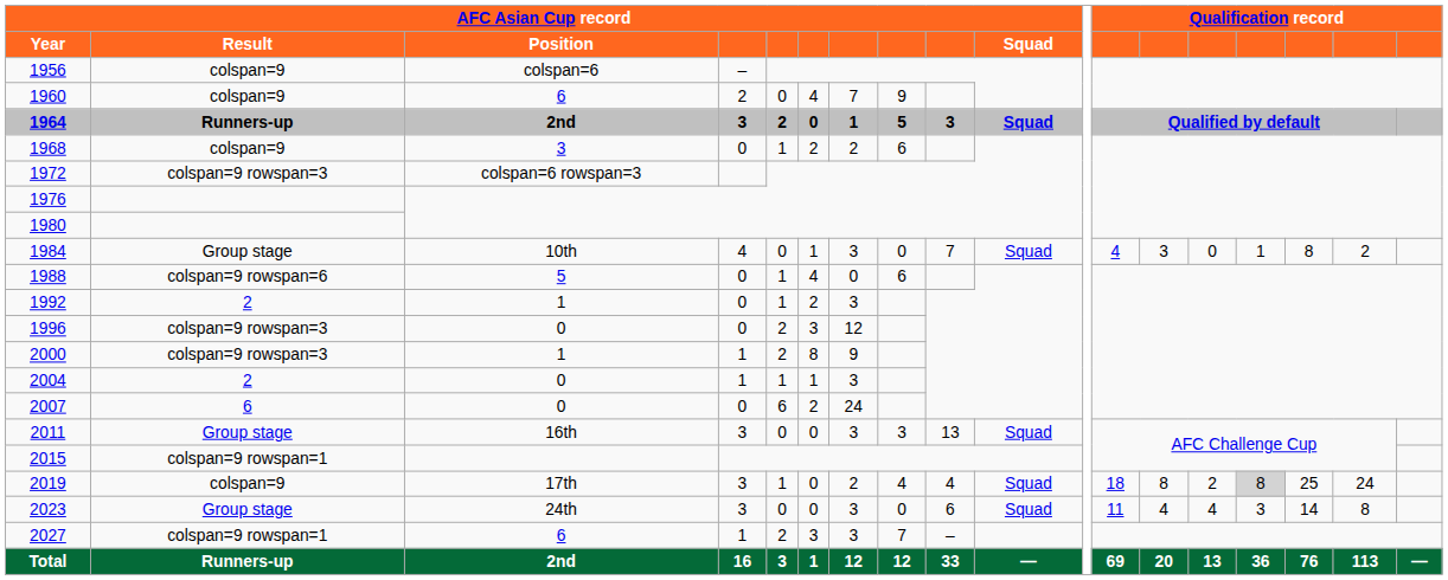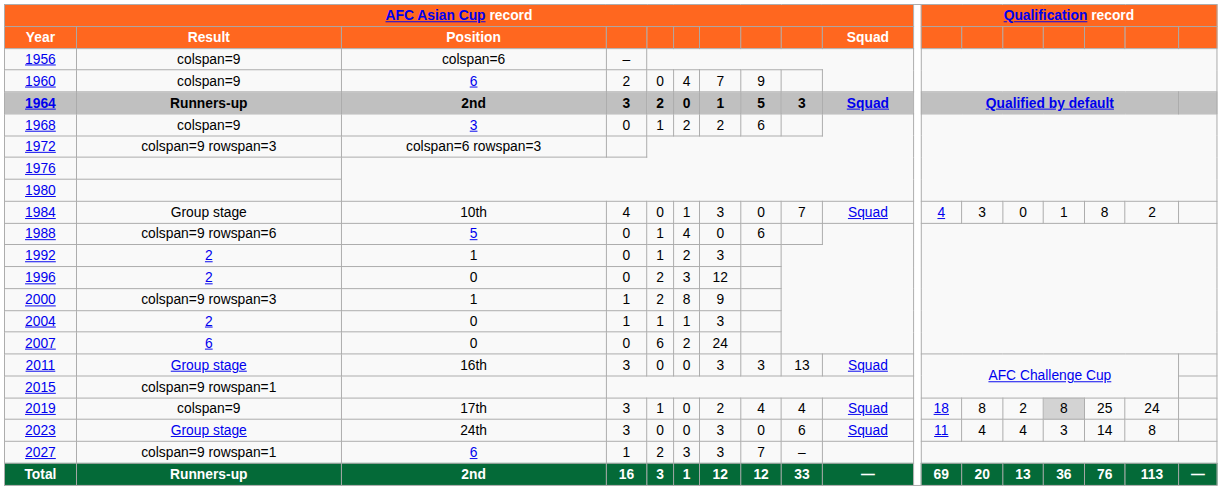 <table class="wikitable" style="font-size:90%; text-align:center;" width="100%" class="wikitable">
 <tr>
 <th colspan=10 style="background:#FF671F; color:white; "><a href='#'>AFC Asian Cup</a> record</th>
 <th width="1" rowspan=28 style="background:#FFFFFF; color:white"></th>
 <th colspan=7 style="background:#FF671F; color:white; "><a href='#'>Qualification</a> record</th>
 </tr>
 <tr>
 <th style="background:#FF671F; color:white; ">Year</th>
 <th style="background:#FF671F; color:white; ">Result</th>
 <th style="background:#FF671F; color:white; ">Position</th>
 <th style="background:#FF671F; color:white; "></th>
 <th style="background:#FF671F; color:white; "></th>
 <th style="background:#FF671F; color:white; "></th>
 <th style="background:#FF671F; color:white; "></th>
 <th style="background:#FF671F; color:white; "></th>
 <th style="background:#FF671F; color:white; "></th>
 <th style="background:#FF671F; color:white; ">Squad</th>
 <th style="background:#FF671F; color:white; "></th>
 <th style="background:#FF671F; color:white; "></th>
 <th style="background:#FF671F; color:white; "></th>
 <th style="background:#FF671F; color:white; "></th>
 <th style="background:#FF671F; color:white; "></th>
 <th style="background:#FF671F; color:white; "></th>
 <th style="background:#FF671F; color:white; "></th>
 </tr>
 <tr>
 <td> <a href='#'>1956</a></td>
 <td>colspan=9 </td>
 <td>colspan=6 </td>
 <td>–</td>
 </tr>
 <tr>
 <td> <a href='#'>1960</a></td>
 <td>colspan=9 </td>
 <td><a href='#'>6</a></td>
 <td>2</td>
 <td>0</td>
 <td>4</td>
 <td>7</td>
 <td>9</td>
 <td></td>
 </tr>
 <tr style="background:silver;">
 <td> <strong><a href='#'>1964</a></strong></td>
 <td><strong>Runners-up</strong></td>
 <td><strong>2nd</strong></td>
 <td><strong>3</strong></td>
 <td><strong>2</strong></td>
 <td><strong>0</strong></td>
 <td><strong>1</strong></td>
 <td><strong>5</strong></td>
 <td><strong>3</strong></td>
 <td><strong><a href='#'>Squad</a></strong></td>
 <td colspan=6><strong><a href='#'>Qualified by default</a></strong></td>
 <td></td>
 </tr>
 <tr>
 <td> <a href='#'>1968</a></td>
 <td>colspan=9 </td>
 <td><a href='#'>3</a></td>
 <td>0</td>
 <td>1</td>
 <td>2</td>
 <td>2</td>
 <td>6</td>
 <td></td>
 </tr>
 <tr>
 <td> <a href='#'>1972</a></td>
 <td>colspan=9 rowspan=3 </td>
 <td>colspan=6 rowspan=3 </td>
 <td></td>
 </tr>
 <tr>
 <td> <a href='#'>1976</a></td>
 <td></td>
 </tr>
 <tr>
 <td> <a href='#'>1980</a></td>
 <td></td>
 </tr>
 <tr>
 <td> <a href='#'>1984</a></td>
 <td>Group stage</td>
 <td>10th</td>
 <td>4</td>
 <td>0</td>
 <td>1</td>
 <td>3</td>
 <td>0</td>
 <td>7</td>
 <td><a href='#'>Squad</a></td>
 <td><a href='#'>4</a></td>
 <td>3</td>
 <td>0</td>
 <td>1</td>
 <td>8</td>
 <td>2</td>
 <td></td>
 </tr>
 <tr>
 <td> <a href='#'>1988</a></td>
 <td>colspan=9 rowspan=6 </td>
 <td><a href='#'>5</a></td>
 <td>0</td>
 <td>1</td>
 <td>4</td>
 <td>0</td>
 <td>6</td>
 <td></td>
 </tr>
 <tr>
 <td> <a href='#'>1992</a></td>
 <td><a href='#'>2</a></td>
 <td>1</td>
 <td>0</td>
 <td>1</td>
 <td>2</td>
 <td>3</td>
 <td></td>
 </tr>
 <tr>
 <td> <a href='#'>1996</a></td>
-<td>colspan=9 rowspan=3 </td>
+<td><a href='#'>2</a></td>
 <td>0</td>
 <td>0</td>
 <td>2</td>
 <td>3</td>
 <td>12</td>
 <td></td>
 </tr>
 <tr>
 <td> <a href='#'>2000</a></td>
 <td>colspan=9 rowspan=3 </td>
 <td>1</td>
 <td>1</td>
 <td>2</td>
 <td>8</td>
 <td>9</td>
 <td></td>
 </tr>
 <tr>
 <td> <a href='#'>2004</a></td>
 <td><a href='#'>2</a></td>
 <td>0</td>
 <td>1</td>
 <td>1</td>
 <td>1</td>
 <td>3</td>
 <td></td>
 </tr>
 <tr>
 <td>    <a href='#'>2007</a></td>
 <td><a href='#'>6</a></td>
 <td>0</td>
 <td>0</td>
 <td>6</td>
 <td>2</td>
 <td>24</td>
 <td></td>
 </tr>
 <tr>
 <td> <a href='#'>2011</a></td>
 <td><a href='#'>Group stage</a></td>
 <td>16th</td>
 <td>3</td>
 <td>0</td>
 <td>0</td>
 <td>3</td>
 <td>3</td>
 <td>13</td>
 <td><a href='#'>Squad</a></td>
 <td colspan=6 rowspan=2><a href='#'>AFC Challenge Cup</a></td>
 <td></td>
 </tr>
 <tr>
 <td> <a href='#'>2015</a></td>
 <td>colspan=9 rowspan=1 </td>
 <td></td>
 </tr>
 <tr>
 <td> <a href='#'>2019</a></td>
 <td>colspan=9 </td>
 <td>17th</td>
 <td>3</td>
 <td>1</td>
 <td>0</td>
 <td>2</td>
 <td>4</td>
 <td>4</td>
 <td><a href='#'>Squad</a></td>
 <td><a href='#'>18</a></td>
 <td>8</td>
 <td>2</td>
 <td style="background: lightgrey;">8</td>
 <td>25</td>
 <td>24</td>
 <td></td>
 </tr>
 <tr>
 <td> <a href='#'>2023</a></td>
 <td><a href='#'>Group stage</a></td>
 <td>24th</td>
 <td>3</td>
 <td>0</td>
 <td>0</td>
 <td>3</td>
 <td>0</td>
 <td>6</td>
 <td><a href='#'>Squad</a></td>
 <td><a href='#'>11</a></td>
 <td>4</td>
 <td>4</td>
 <td>3</td>
 <td>14</td>
 <td>8</td>
 <td></td>
 </tr>
 <tr>
 <td> <a href='#'>2027</a></td>
 <td>colspan=9 rowspan=1 </td>
 <td><a href='#'>6</a></td>
 <td>1</td>
 <td>2</td>
 <td>3</td>
 <td>3</td>
 <td>7</td>
 <td>–</td>
 </tr>
 <tr>
 <th style="background:#046A38; color:white; "><strong>Total</strong></th>
 <th style="background:#046A38; color:white; ">Runners-up</th>
 <th style="background:#046A38; color:white; ">2nd</th>
 <th style="background:#046A38; color:white; ">16</th>
 <th style="background:#046A38; color:white; ">3</th>
 <th style="background:#046A38; color:white; ">1</th>
 <th style="background:#046A38; color:white; ">12</th>
 <th style="background:#046A38; color:white; ">12</th>
 <th style="background:#046A38; color:white; ">33</th>
 <th style="background:#046A38; color:white; ">—</th>
 <th style="background:#046A38; color:white; ">69</th>
 <th style="background:#046A38; color:white; ">20</th>
 <th style="background:#046A38; color:white; ">13</th>
 <th style="background:#046A38; color:white; ">36</th>
 <th style="background:#046A38; color:white; ">76</th>
 <th style="background:#046A38; color:white; ">113</th>
 <th style="background:#046A38; color:white; ">—</th>
 </tr>
 </table>
